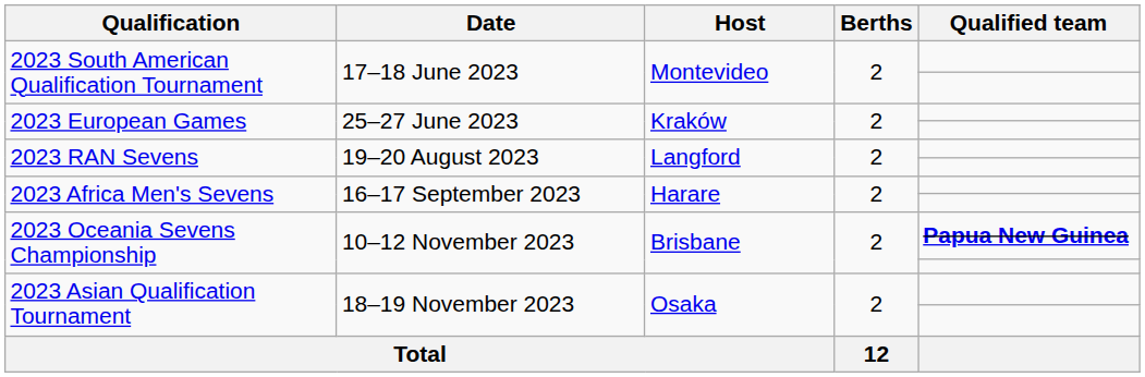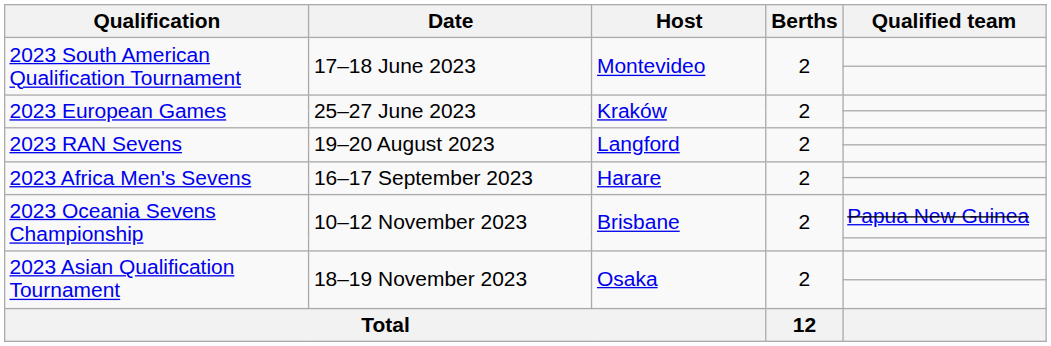 <table class="wikitable" width=90%>
 <tr>
 <th width=30%>Qualification</th>
 <th width=28%>Date</th>
 <th width=17%>Host</th>
 <th width=5%>Berths</th>
 <th width=40%>Qualified team</th>
 </tr>
 <tr>
 <td rowspan=2><a href='#'>2023 South American Qualification Tournament</a></td>
 <td rowspan=2>17–18 June 2023</td>
 <td rowspan=2> <a href='#'>Montevideo</a></td>
 <td rowspan=2 align=center>2</td>
 <td></td>
 </tr>
 <tr>
 <td></td>
 </tr>
 <tr>
 <td rowspan=2><a href='#'>2023 European Games</a></td>
 <td rowspan=2>25–27 June 2023</td>
 <td rowspan=2> <a href='#'>Kraków</a></td>
 <td rowspan=2 align=center>2</td>
 <td></td>
 </tr>
 <tr>
 <td></td>
 </tr>
 <tr>
 <td rowspan=2><a href='#'>2023 RAN Sevens</a></td>
 <td rowspan=2>19–20 August 2023</td>
 <td rowspan=2> <a href='#'>Langford</a></td>
 <td rowspan=2 align=center>2</td>
 <td></td>
 </tr>
 <tr>
 <td></td>
 </tr>
 <tr>
 <td rowspan=2><a href='#'>2023 Africa Men's Sevens</a></td>
 <td rowspan=2>16–17 September 2023</td>
 <td rowspan=2> <a href='#'>Harare</a></td>
 <td rowspan=2 align=center>2</td>
 <td></td>
 </tr>
 <tr>
 <td></td>
 </tr>
 <tr>
 <td rowspan=2><a href='#'>2023 Oceania Sevens Championship</a></td>
 <td rowspan=2>10–12 November 2023</td>
 <td rowspan=2> <a href='#'>Brisbane</a></td>
 <td rowspan=2 align=center>2</td>
-<td><strong> <s><a href='#'>Papua New Guinea</a></s></strong></td>
+<td> <s><a href='#'>Papua New Guinea</a></s></td>
 </tr>
 <tr>
 <td></td>
 </tr>
 <tr>
 <td rowspan=2><a href='#'>2023 Asian Qualification Tournament</a></td>
 <td rowspan=2>18–19 November 2023</td>
 <td rowspan=2> <a href='#'>Osaka</a></td>
 <td rowspan=2 align=center>2</td>
 <td></td>
 </tr>
 <tr>
 <td></td>
 </tr>
 <tr>
 <th colspan=3>Total</th>
 <th>12</th>
 <th></th>
 </tr>
 </table>
